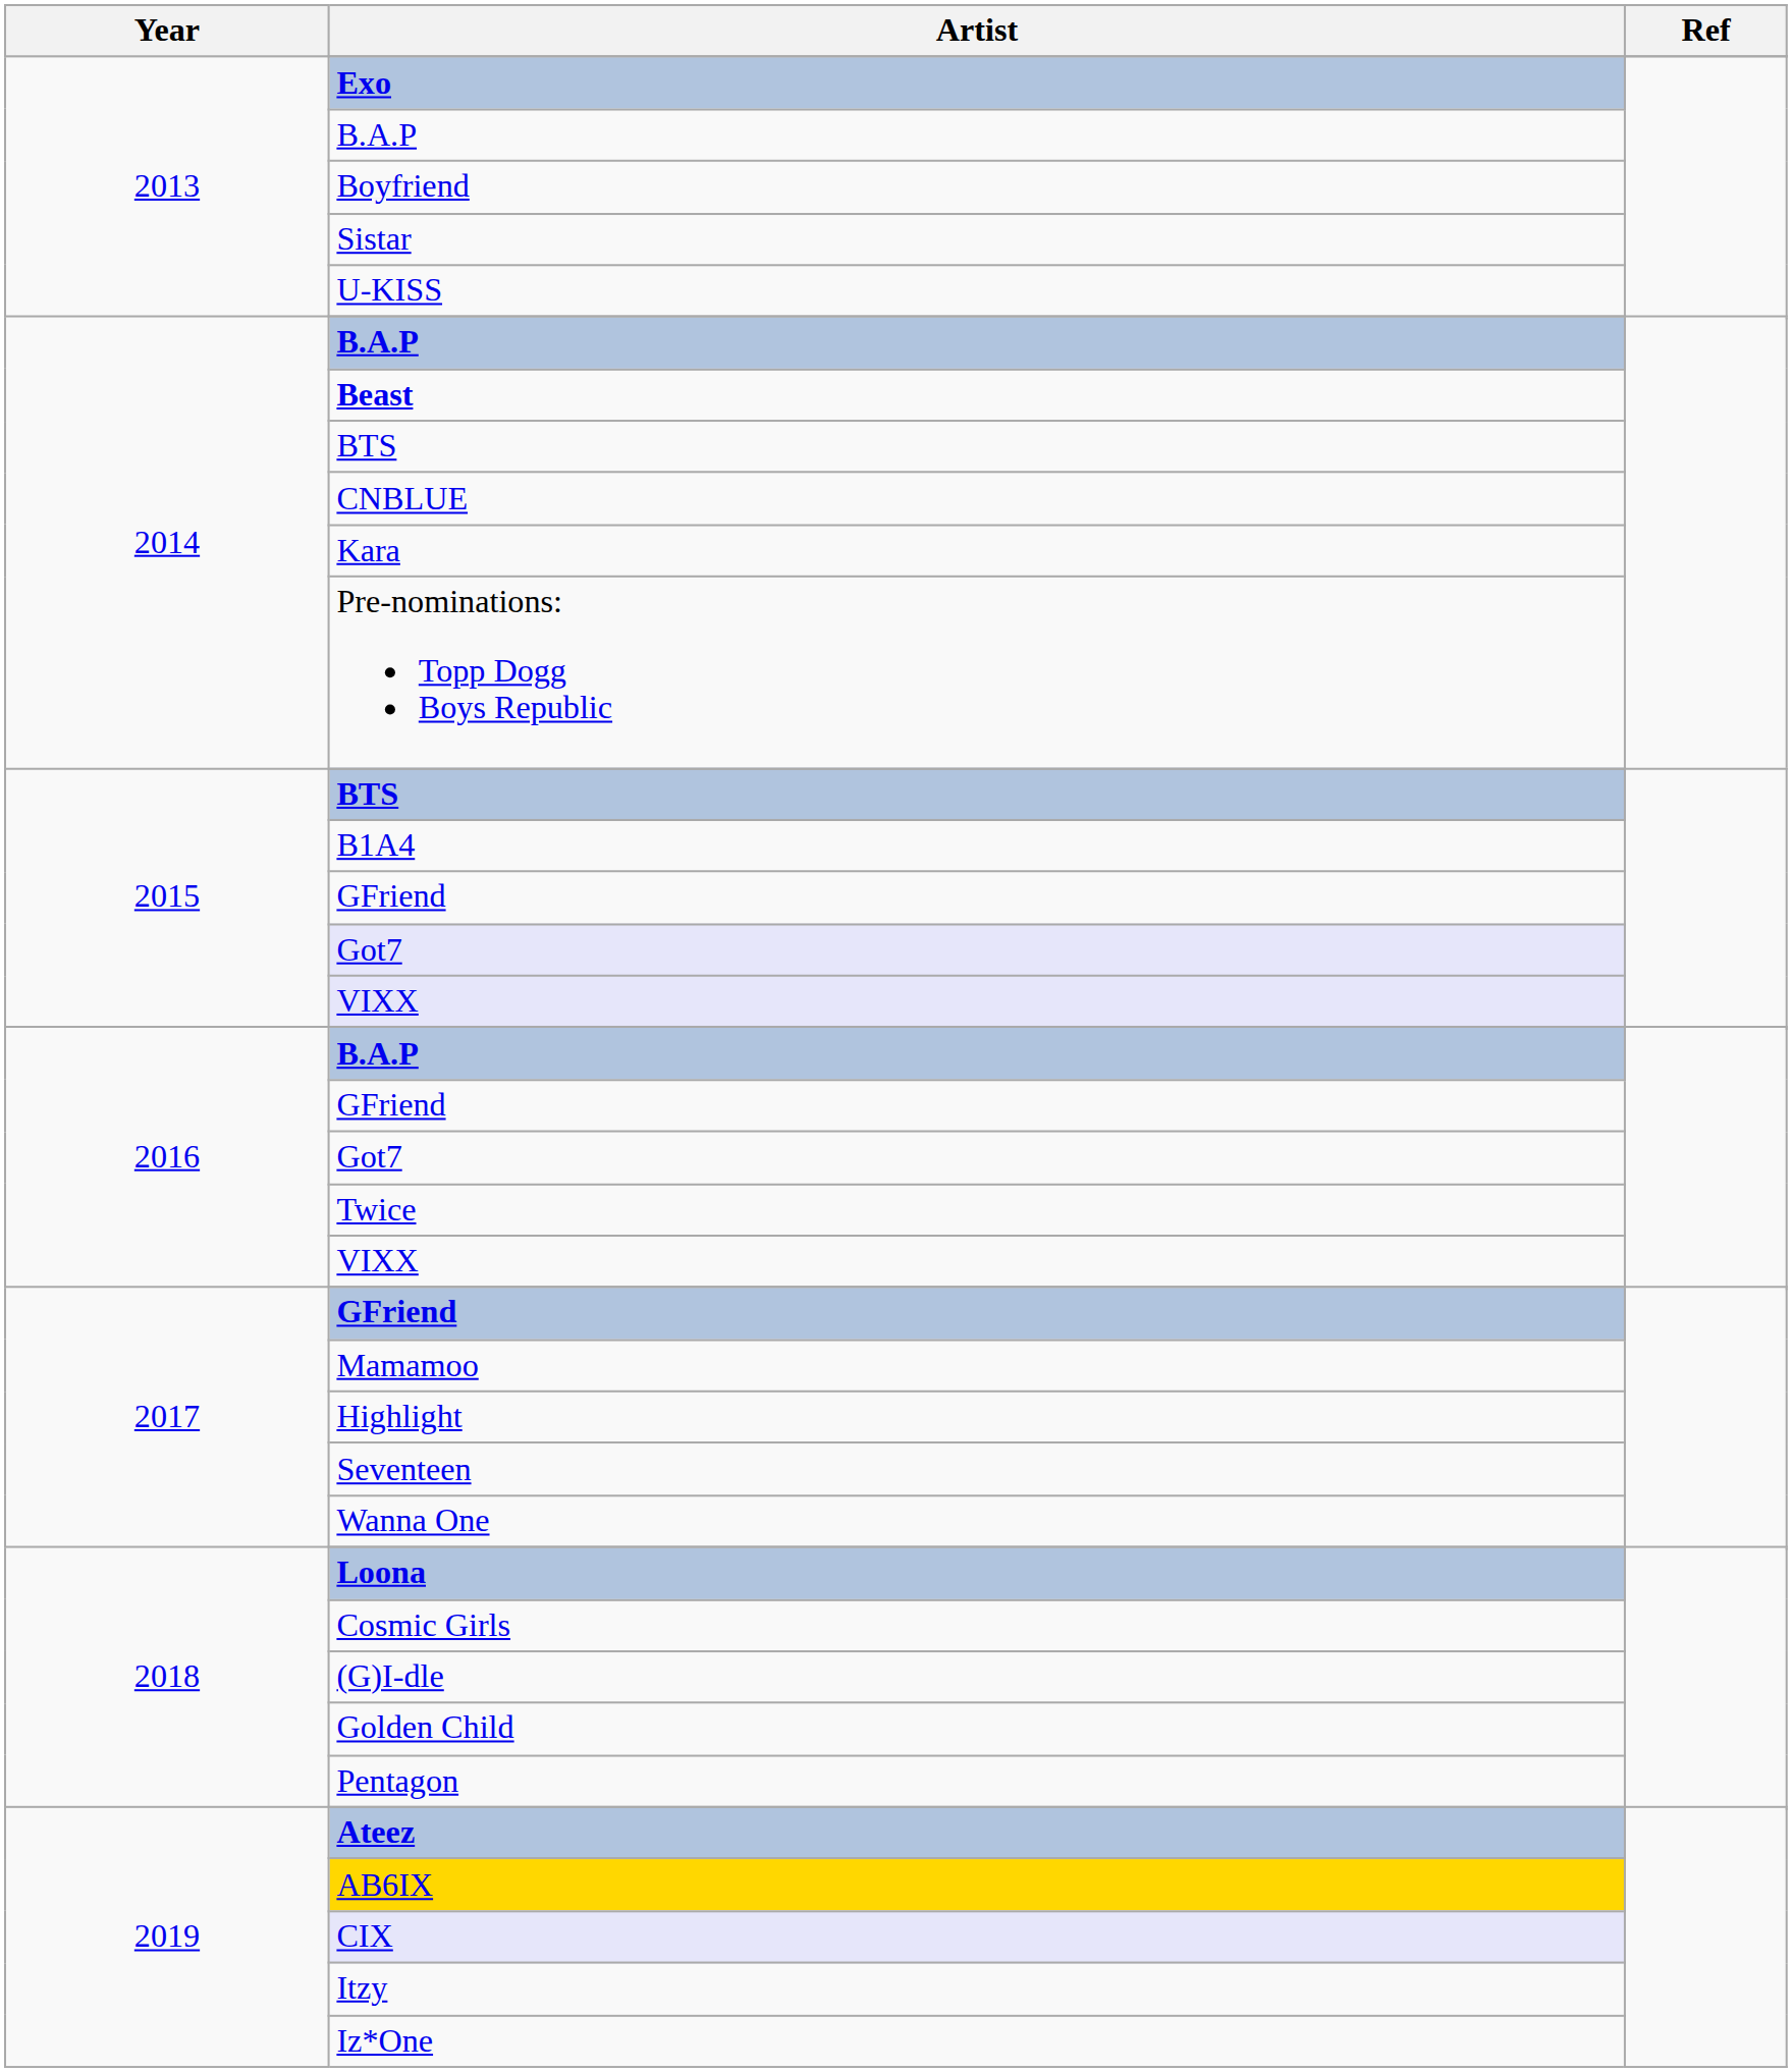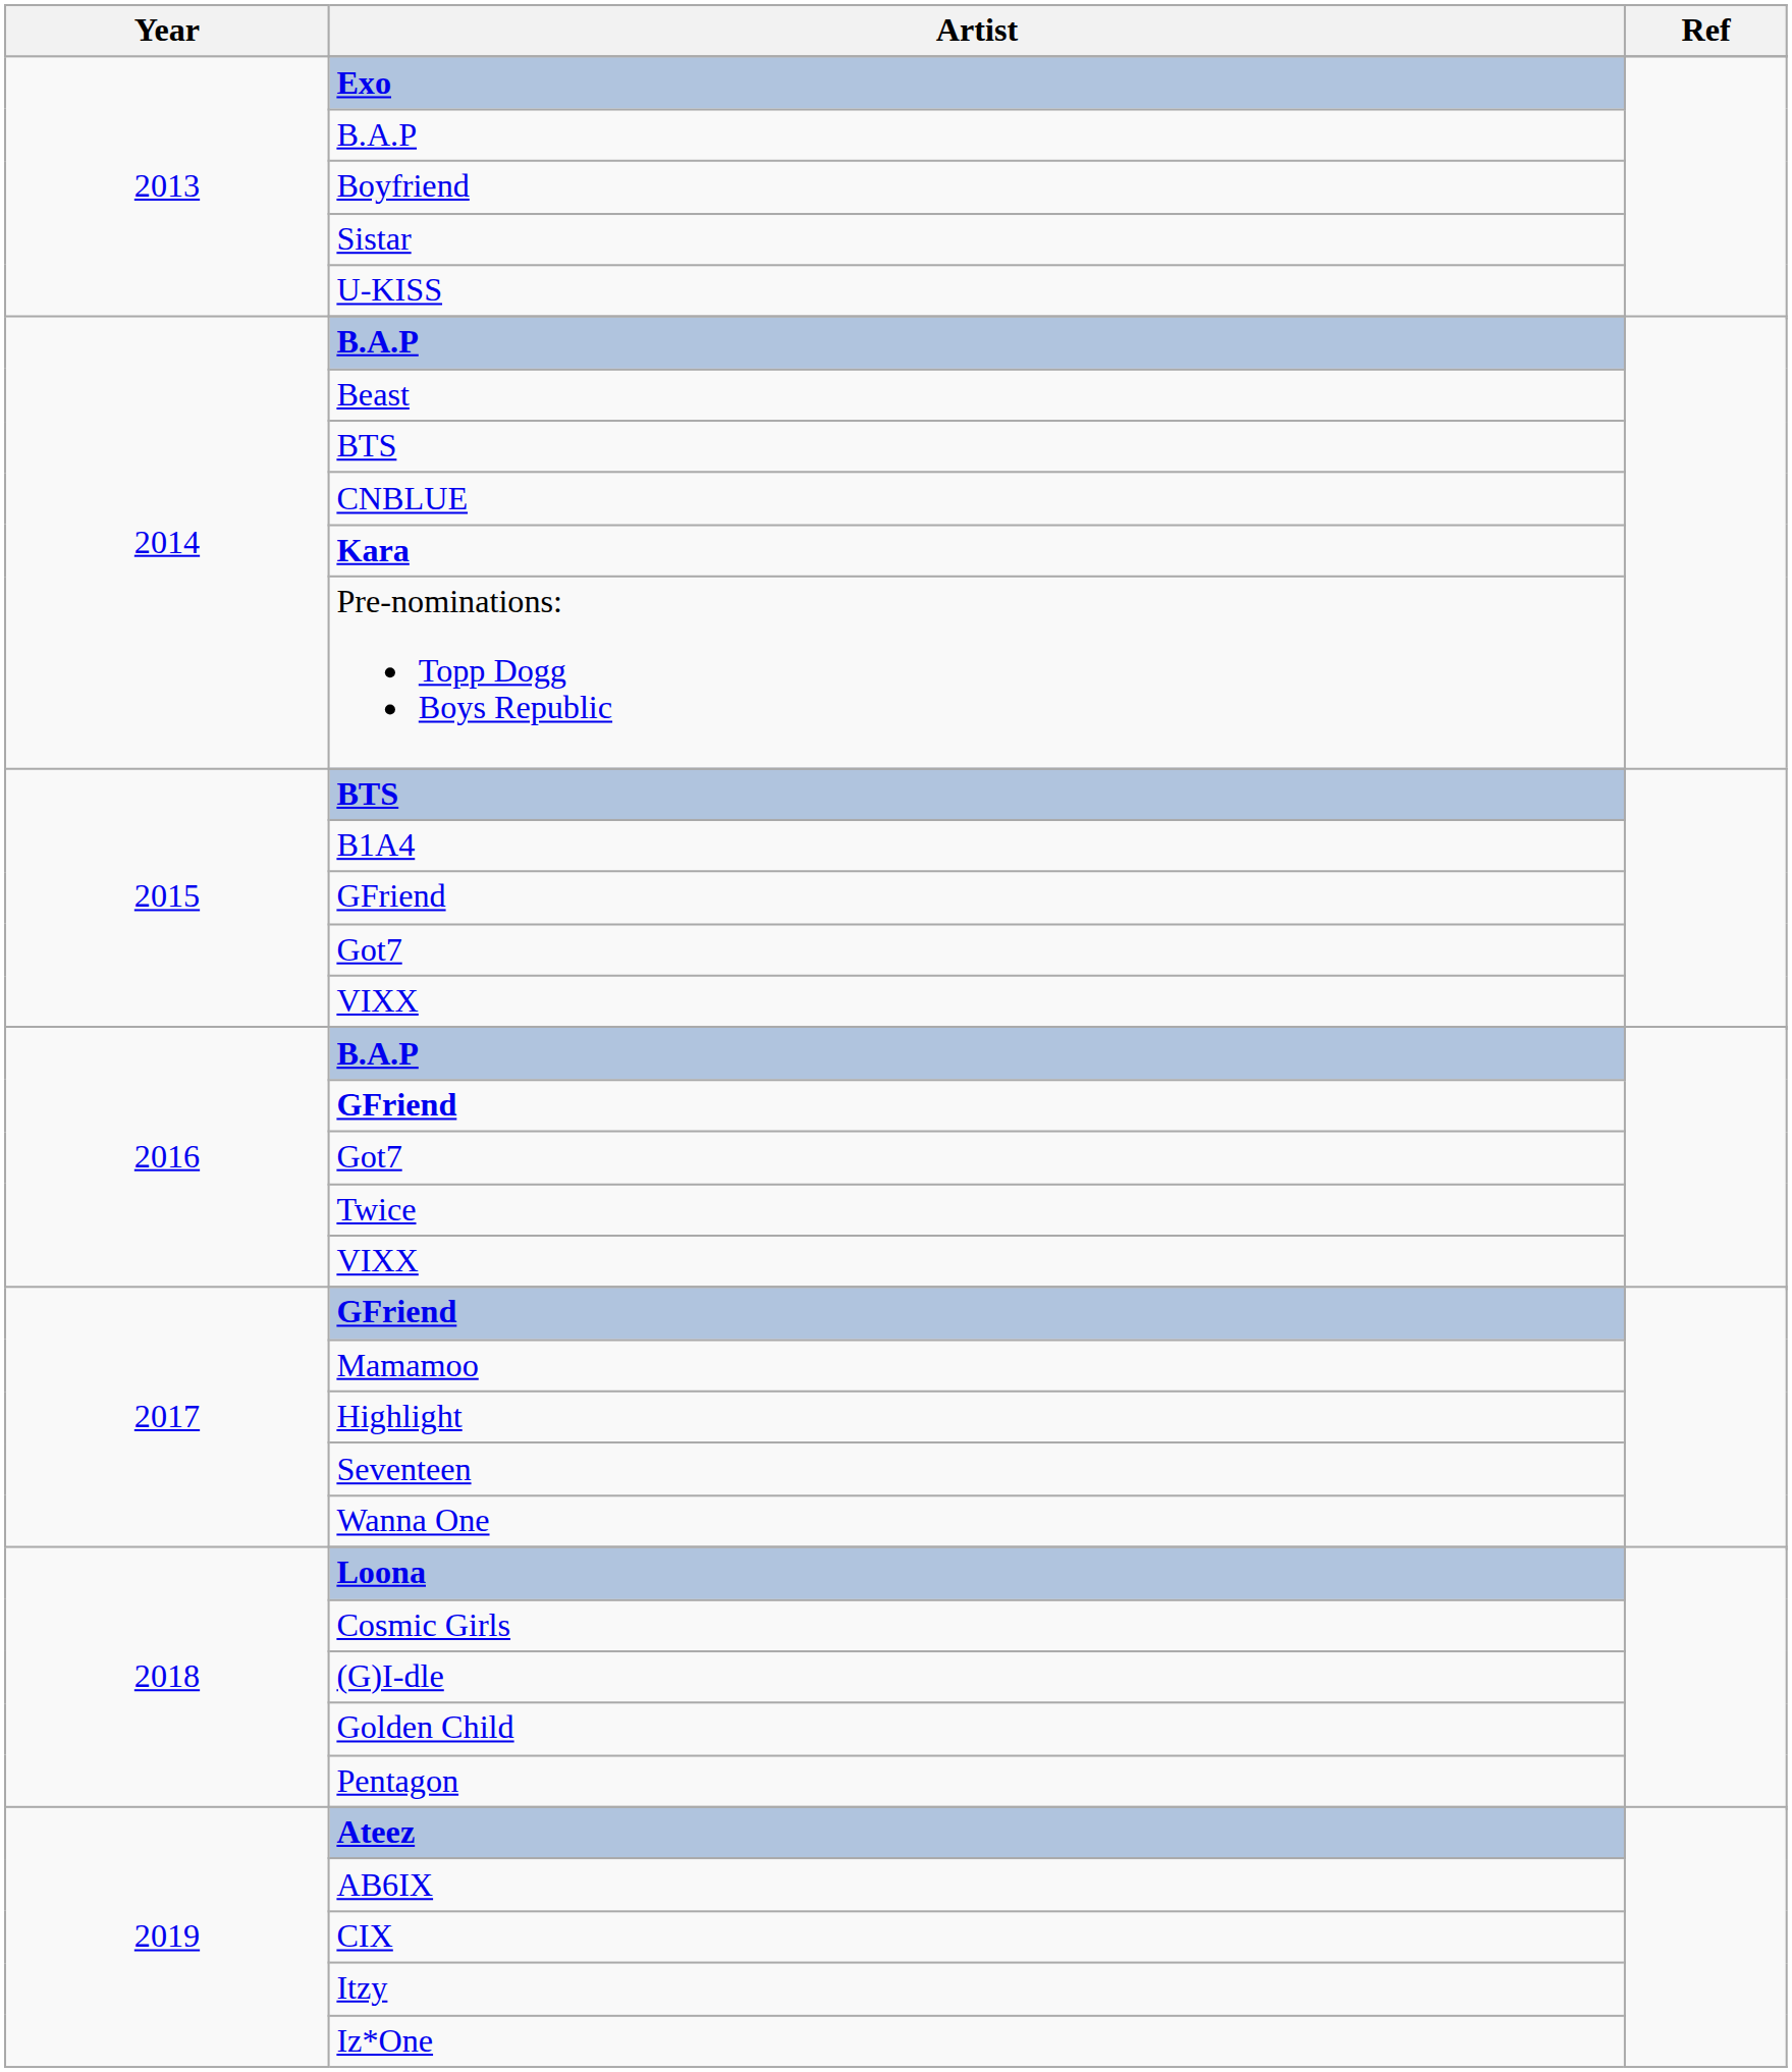 <table class="wikitable" style="width:55%;">
 <tr style="background:#bebebe;">
 <th style="width:10%;">Year</th>
 <th style="width:40%;">Artist</th>
 <th style="width:5%;">Ref</th>
 </tr>
 <tr>
 <td rowspan="6" align="center"><a href='#'>2013</a></td>
 </tr>
 <tr>
 <td style="background:#B0C4DE"><strong><a href='#'>Exo</a></strong></td>
 <td rowspan="6" align="center"></td>
 </tr>
 <tr>
 <td><a href='#'>B.A.P</a></td>
 </tr>
 <tr>
 <td><a href='#'>Boyfriend</a></td>
 </tr>
 <tr>
 <td><a href='#'>Sistar</a></td>
 </tr>
 <tr>
 <td><a href='#'>U-KISS</a></td>
 </tr>
 <tr>
 <td rowspan="7" align="center"><a href='#'>2014</a></td>
 </tr>
 <tr>
 <td style="background:#B0C4DE"><strong><a href='#'>B.A.P</a></strong></td>
 <td rowspan="7" align="center"></td>
 </tr>
 <tr>
-<td><strong><a href='#'>Beast</a></strong></td>
+<td><a href='#'>Beast</a></td>
 </tr>
 <tr>
 <td><a href='#'>BTS</a></td>
 </tr>
 <tr>
 <td><a href='#'>CNBLUE</a></td>
 </tr>
 <tr>
-<td><a href='#'>Kara</a></td>
+<td><strong><a href='#'>Kara</a></strong></td>
 </tr>
 <tr>
 <td>Pre-nominations:<br><ul><li><a href='#'>Topp Dogg</a></li><li><a href='#'>Boys Republic</a></li></ul></td>
 </tr>
 <tr>
 <td rowspan="6" align="center"><a href='#'>2015</a></td>
 </tr>
 <tr>
 <td style="background:#B0C4DE"><strong><a href='#'>BTS</a></strong></td>
 <td rowspan="6" align="center"></td>
 </tr>
 <tr>
 <td><a href='#'>B1A4</a></td>
 </tr>
 <tr>
 <td><a href='#'>GFriend</a></td>
 </tr>
 <tr>
-<td style="background: lavender;"><a href='#'>Got7</a></td>
+<td><a href='#'>Got7</a></td>
 </tr>
 <tr>
-<td style="background: lavender;"><a href='#'>VIXX</a></td>
+<td><a href='#'>VIXX</a></td>
 </tr>
 <tr>
 <td rowspan="6" align="center"><a href='#'>2016</a></td>
 </tr>
 <tr>
 <td style="background:#B0C4DE"><strong><a href='#'>B.A.P</a></strong></td>
 <td rowspan="6" align="center"></td>
 </tr>
 <tr>
-<td><a href='#'>GFriend</a></td>
+<td><strong><a href='#'>GFriend</a></strong></td>
 </tr>
 <tr>
 <td><a href='#'>Got7</a></td>
 </tr>
 <tr>
 <td><a href='#'>Twice</a></td>
 </tr>
 <tr>
 <td><a href='#'>VIXX</a></td>
 </tr>
 <tr>
 <td rowspan="6" align="center"><a href='#'>2017</a></td>
 </tr>
 <tr>
 <td style="background:#B0C4DE"><strong><a href='#'>GFriend</a></strong></td>
 <td rowspan="6" align="center"></td>
 </tr>
 <tr>
 <td><a href='#'>Mamamoo</a></td>
 </tr>
 <tr>
 <td><a href='#'>Highlight</a></td>
 </tr>
 <tr>
 <td><a href='#'>Seventeen</a></td>
 </tr>
 <tr>
 <td><a href='#'>Wanna One</a></td>
 </tr>
 <tr>
 <td rowspan="6" align="center"><a href='#'>2018</a></td>
 </tr>
 <tr>
 <td style="background:#B0C4DE"><strong><a href='#'>Loona</a></strong></td>
 <td rowspan="6" align="center"></td>
 </tr>
 <tr>
 <td><a href='#'>Cosmic Girls</a></td>
 </tr>
 <tr>
 <td><a href='#'>(G)I-dle</a></td>
 </tr>
 <tr>
 <td><a href='#'>Golden Child</a></td>
 </tr>
 <tr>
 <td><a href='#'>Pentagon</a></td>
 </tr>
 <tr>
 <td rowspan="6" align="center"><a href='#'>2019</a></td>
 </tr>
 <tr>
 <td style="background:#B0C4DE"><strong><a href='#'>Ateez</a></strong></td>
 <td rowspan="6" align="center"></td>
 </tr>
 <tr>
-<td style="background: gold;"><a href='#'>AB6IX</a></td>
+<td><a href='#'>AB6IX</a></td>
 </tr>
 <tr>
-<td style="background: lavender;"><a href='#'>CIX</a></td>
+<td><a href='#'>CIX</a></td>
 </tr>
 <tr>
 <td><a href='#'>Itzy</a></td>
 </tr>
 <tr>
 <td><a href='#'>Iz*One</a></td>
 </tr>
 </table>
